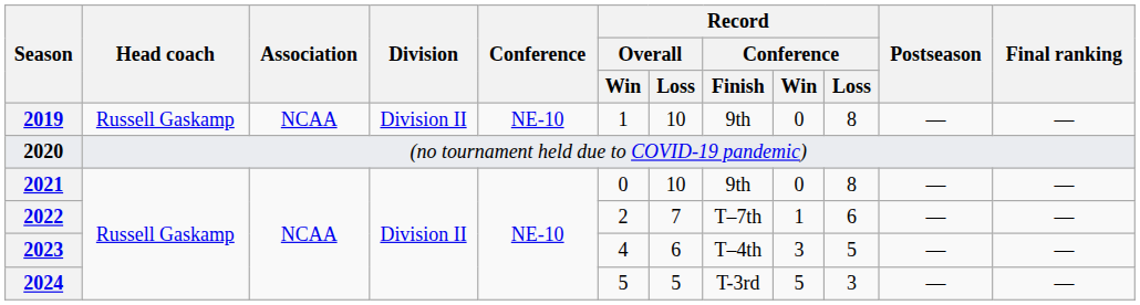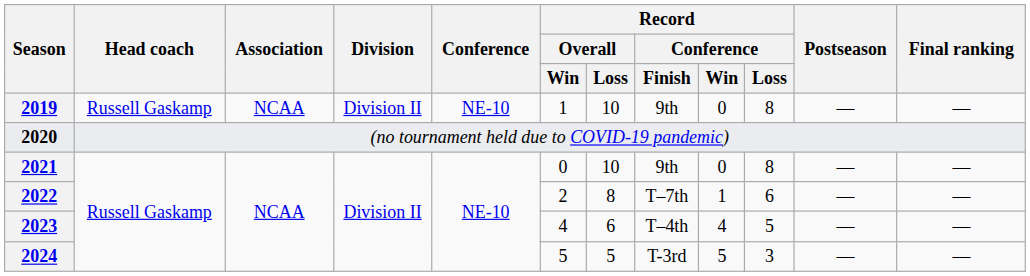 <table class="wikitable" style="font-size: 95%; width:98%;text-align:center;">
 <tr>
 <th rowspan="3">Season</th>
 <th rowspan="3">Head coach</th>
 <th rowspan="3">Association</th>
 <th rowspan="3">Division</th>
 <th rowspan="3">Conference</th>
 <th colspan="5">Record</th>
 <th rowspan="3">Postseason</th>
 <th rowspan="3">Final ranking</th>
 </tr>
 <tr>
 <th colspan="2">Overall</th>
 <th colspan="3">Conference</th>
 </tr>
 <tr>
 <th>Win</th>
 <th>Loss</th>
 <th>Finish</th>
 <th>Win</th>
 <th>Loss</th>
 </tr>
 <tr>
 <th><a href='#'>2019</a></th>
 <td><a href='#'>Russell Gaskamp</a></td>
 <td><a href='#'>NCAA</a></td>
 <td><a href='#'>Division II</a></td>
 <td><a href='#'>NE-10</a></td>
 <td>1</td>
 <td>10</td>
 <td>9th</td>
 <td>0</td>
 <td>8</td>
 <td>—</td>
 <td>—</td>
 </tr>
 <tr bgcolor= #EAECF0>
 <td><strong>2020</strong></td>
 <td colspan=14><em>(no tournament held due to <a href='#'>COVID-19 pandemic</a>)</em></td>
 </tr>
 <tr>
 <th><a href='#'>2021</a></th>
 <td rowspan="4"><a href='#'>Russell Gaskamp</a></td>
 <td rowspan="4"><a href='#'>NCAA</a></td>
 <td rowspan="4"><a href='#'>Division II</a></td>
 <td rowspan="4"><a href='#'>NE-10</a></td>
 <td>0</td>
 <td>10</td>
 <td>9th</td>
 <td>0</td>
 <td>8</td>
 <td>—</td>
 <td>—</td>
 </tr>
 <tr>
 <th><a href='#'>2022</a></th>
 <td>2</td>
-<td>7</td>
+<td>8</td>
 <td>T–7th</td>
 <td>1</td>
 <td>6</td>
 <td>—</td>
 <td>—</td>
 </tr>
 <tr>
 <th><a href='#'>2023</a></th>
 <td>4</td>
 <td>6</td>
 <td>T–4th</td>
-<td>3</td>
+<td>4</td>
 <td>5</td>
 <td>—</td>
 <td>—</td>
 </tr>
 <tr>
 <th><a href='#'>2024</a></th>
 <td>5</td>
 <td>5</td>
 <td>T-3rd</td>
 <td>5</td>
 <td>3</td>
 <td>—</td>
 <td>—</td>
 </tr>
 </table>
